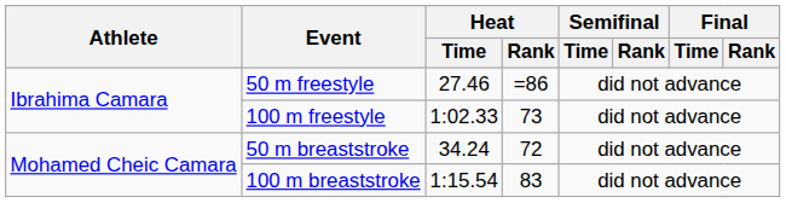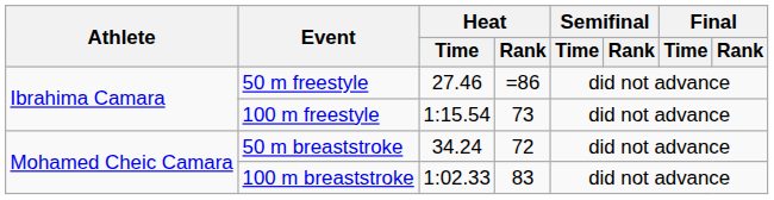 <table class=wikitable style="font-size:90%">
 <tr>
 <th rowspan="2">Athlete</th>
 <th rowspan="2">Event</th>
 <th colspan="2">Heat</th>
 <th colspan="2">Semifinal</th>
 <th colspan="2">Final</th>
 </tr>
 <tr style="font-size:95%">
 <th>Time</th>
 <th>Rank</th>
 <th>Time</th>
 <th>Rank</th>
 <th>Time</th>
 <th>Rank</th>
 </tr>
 <tr align=center>
 <td align=left rowspan=2><a href='#'>Ibrahima Camara</a></td>
 <td align=left><a href='#'>50 m freestyle</a></td>
 <td>27.46</td>
 <td>=86</td>
 <td colspan=4>did not advance</td>
 </tr>
 <tr align=center>
 <td align=left><a href='#'>100 m freestyle</a></td>
-<td>1:02.33</td>
+<td>1:15.54</td>
 <td>73</td>
 <td colspan=4>did not advance</td>
 </tr>
 <tr align=center>
 <td align=left rowspan=2><a href='#'>Mohamed Cheic Camara</a></td>
 <td align=left><a href='#'>50 m breaststroke</a></td>
 <td>34.24</td>
 <td>72</td>
 <td colspan=4>did not advance</td>
 </tr>
 <tr align=center>
 <td align=left><a href='#'>100 m breaststroke</a></td>
-<td>1:15.54</td>
+<td>1:02.33</td>
 <td>83</td>
 <td colspan=4>did not advance</td>
 </tr>
 </table>
